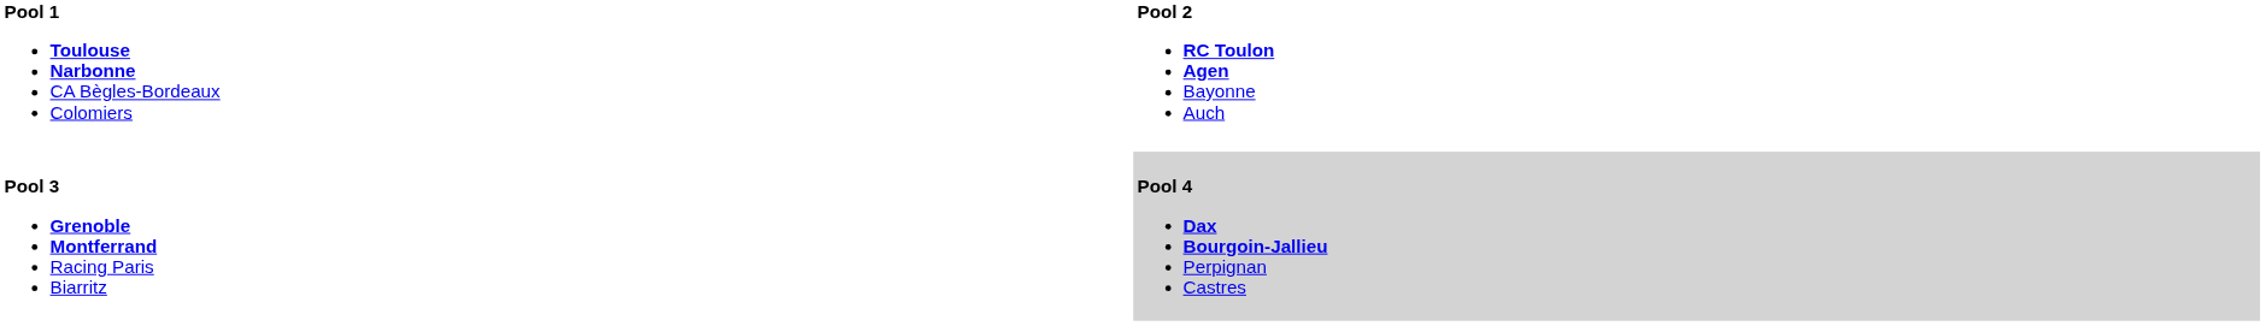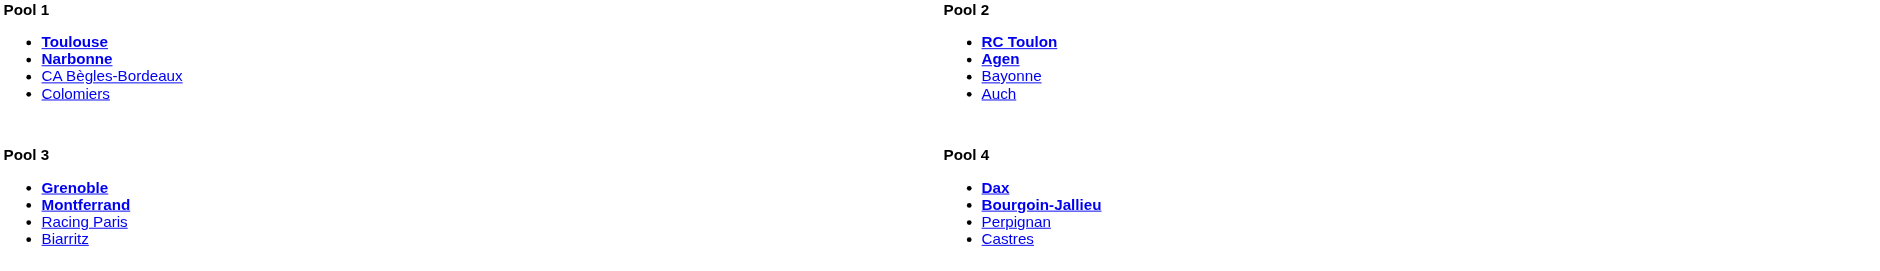 <table width="100%" align="center" border="0" cellpadding="4" cellspacing="5">
 <tr valign="top" align="left">
 <td width="50%"><br><strong>Pool 1</strong><ul><li><strong><a href='#'>Toulouse</a></strong></li><li><strong><a href='#'>Narbonne</a></strong></li><li><a href='#'>CA Bègles-Bordeaux</a></li><li><a href='#'>Colomiers</a></li></ul></td>
 <td width="50%"><br><strong>Pool 2</strong><ul><li><strong><a href='#'>RC Toulon</a></strong></li><li><strong><a href='#'>Agen</a></strong></li><li><a href='#'>Bayonne</a></li><li><a href='#'>Auch</a></li></ul></td>
 </tr>
 <tr valign="top" align="left">
 <td width="50%"><br><strong>Pool 3</strong><ul><li><strong><a href='#'>Grenoble</a></strong></li><li><strong><a href='#'>Montferrand</a></strong></li><li><a href='#'>Racing Paris</a></li><li><a href='#'>Biarritz</a></li></ul></td>
-<td width="50%" style="background: lightgrey;"><br><strong>Pool 4</strong><ul><li><strong><a href='#'>Dax</a></strong></li><li><strong><a href='#'>Bourgoin-Jallieu</a></strong></li><li><a href='#'>Perpignan</a></li><li><a href='#'>Castres</a></li></ul></td>
+<td width="50%"><br><strong>Pool 4</strong><ul><li><strong><a href='#'>Dax</a></strong></li><li><strong><a href='#'>Bourgoin-Jallieu</a></strong></li><li><a href='#'>Perpignan</a></li><li><a href='#'>Castres</a></li></ul></td>
 </tr>
 </table>
